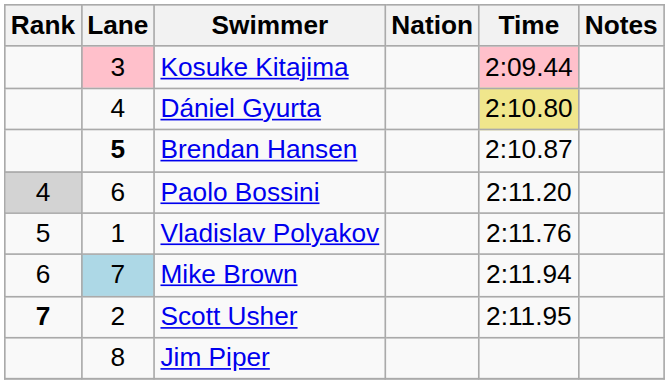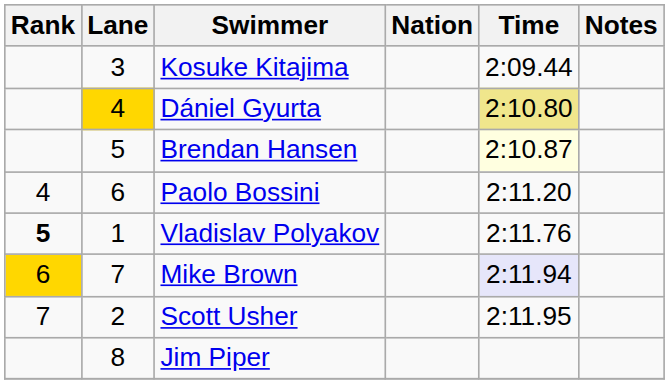 <table class="wikitable sortable" style="text-align:center">
 <tr>
 <th>Rank</th>
 <th>Lane</th>
 <th>Swimmer</th>
 <th>Nation</th>
 <th>Time</th>
 <th>Notes</th>
 </tr>
 <tr>
 <td></td>
-<td style="background: pink;">3</td>
+<td>3</td>
 <td align=left><a href='#'>Kosuke Kitajima</a></td>
 <td align=left></td>
-<td style="background: pink;">2:09.44</td>
+<td>2:09.44</td>
 <td></td>
 </tr>
 <tr>
 <td></td>
-<td>4</td>
+<td style="background: gold;">4</td>
 <td align=left><a href='#'>Dániel Gyurta</a></td>
 <td align=left></td>
 <td style="background: khaki;">2:10.80</td>
 <td></td>
 </tr>
 <tr>
 <td></td>
-<td><strong>5</strong></td>
+<td>5</td>
 <td align=left><a href='#'>Brendan Hansen</a></td>
 <td align=left></td>
-<td>2:10.87</td>
+<td style="background: lightyellow;">2:10.87</td>
 <td></td>
 </tr>
 <tr>
-<td style="background: lightgrey;">4</td>
+<td>4</td>
 <td>6</td>
 <td align=left><a href='#'>Paolo Bossini</a></td>
 <td align=left></td>
 <td>2:11.20</td>
 <td></td>
 </tr>
 <tr>
-<td>5</td>
+<td><strong>5</strong></td>
 <td>1</td>
 <td align=left><a href='#'>Vladislav Polyakov</a></td>
 <td align=left></td>
 <td>2:11.76</td>
 <td></td>
 </tr>
 <tr>
-<td>6</td>
-<td style="background: lightblue;">7</td>
+<td style="background: gold;">6</td>
+<td>7</td>
 <td align=left><a href='#'>Mike Brown</a></td>
 <td align=left></td>
-<td>2:11.94</td>
+<td style="background: lavender;">2:11.94</td>
 <td></td>
 </tr>
 <tr>
-<td><strong>7</strong></td>
+<td>7</td>
 <td>2</td>
 <td align=left><a href='#'>Scott Usher</a></td>
 <td align=left></td>
 <td>2:11.95</td>
 <td></td>
 </tr>
 <tr>
 <td></td>
 <td>8</td>
 <td align=left><a href='#'>Jim Piper</a></td>
 <td align=left></td>
 <td></td>
 <td></td>
 </tr>
 <tr>
 </tr>
 </table>
